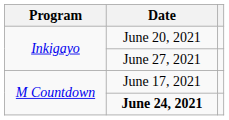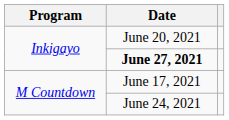 <table class="wikitable sortable" style="text-align:center;">
 <tr>
 <th width="110px">Program</th>
 <th width="120px">Date</th>
 <th class="unsortable"></th>
 </tr>
 <tr>
 <td rowspan="2"><em><a href='#'>Inkigayo</a></em></td>
 <td>June 20, 2021</td>
 <td></td>
 </tr>
 <tr>
-<td>June 27, 2021</td>
+<td><strong>June 27, 2021</strong></td>
 <td></td>
 </tr>
 <tr>
 <td rowspan="2"><em><a href='#'>M Countdown</a></em></td>
 <td>June 17, 2021</td>
 <td></td>
 </tr>
 <tr>
-<td><strong>June 24, 2021</strong></td>
+<td>June 24, 2021</td>
 <td></td>
 </tr>
 </table>
